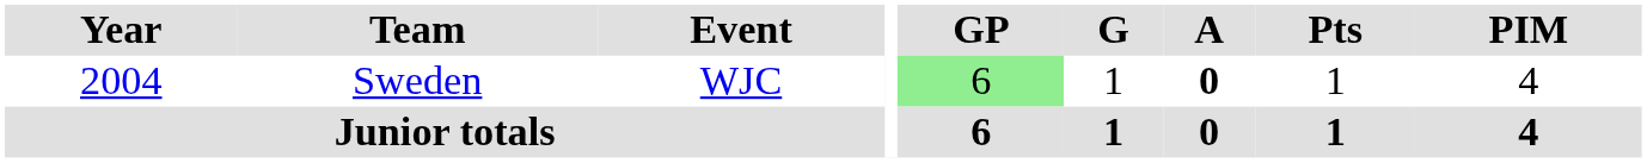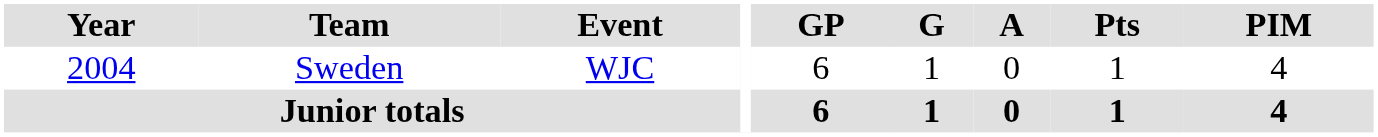 <table border="0" cellpadding="1" cellspacing="0" ID="Table3" style="text-align:center; width:40em">
 <tr ALIGN="center" bgcolor="#e0e0e0">
 <th>Year</th>
 <th>Team</th>
 <th>Event</th>
 <th rowspan="99" bgcolor="#ffffff"></th>
 <th>GP</th>
 <th>G</th>
 <th>A</th>
 <th>Pts</th>
 <th>PIM</th>
 </tr>
 <tr>
 <td><a href='#'>2004</a></td>
 <td><a href='#'>Sweden</a></td>
 <td><a href='#'>WJC</a></td>
-<td style="background: lightgreen;">6</td>
+<td>6</td>
 <td>1</td>
-<td><strong>0</strong></td>
+<td>0</td>
 <td>1</td>
 <td>4</td>
 </tr>
 <tr bgcolor="#e0e0e0">
 <th colspan="3">Junior totals</th>
 <th>6</th>
 <th>1</th>
 <th>0</th>
 <th>1</th>
 <th>4</th>
 </tr>
 </table>
